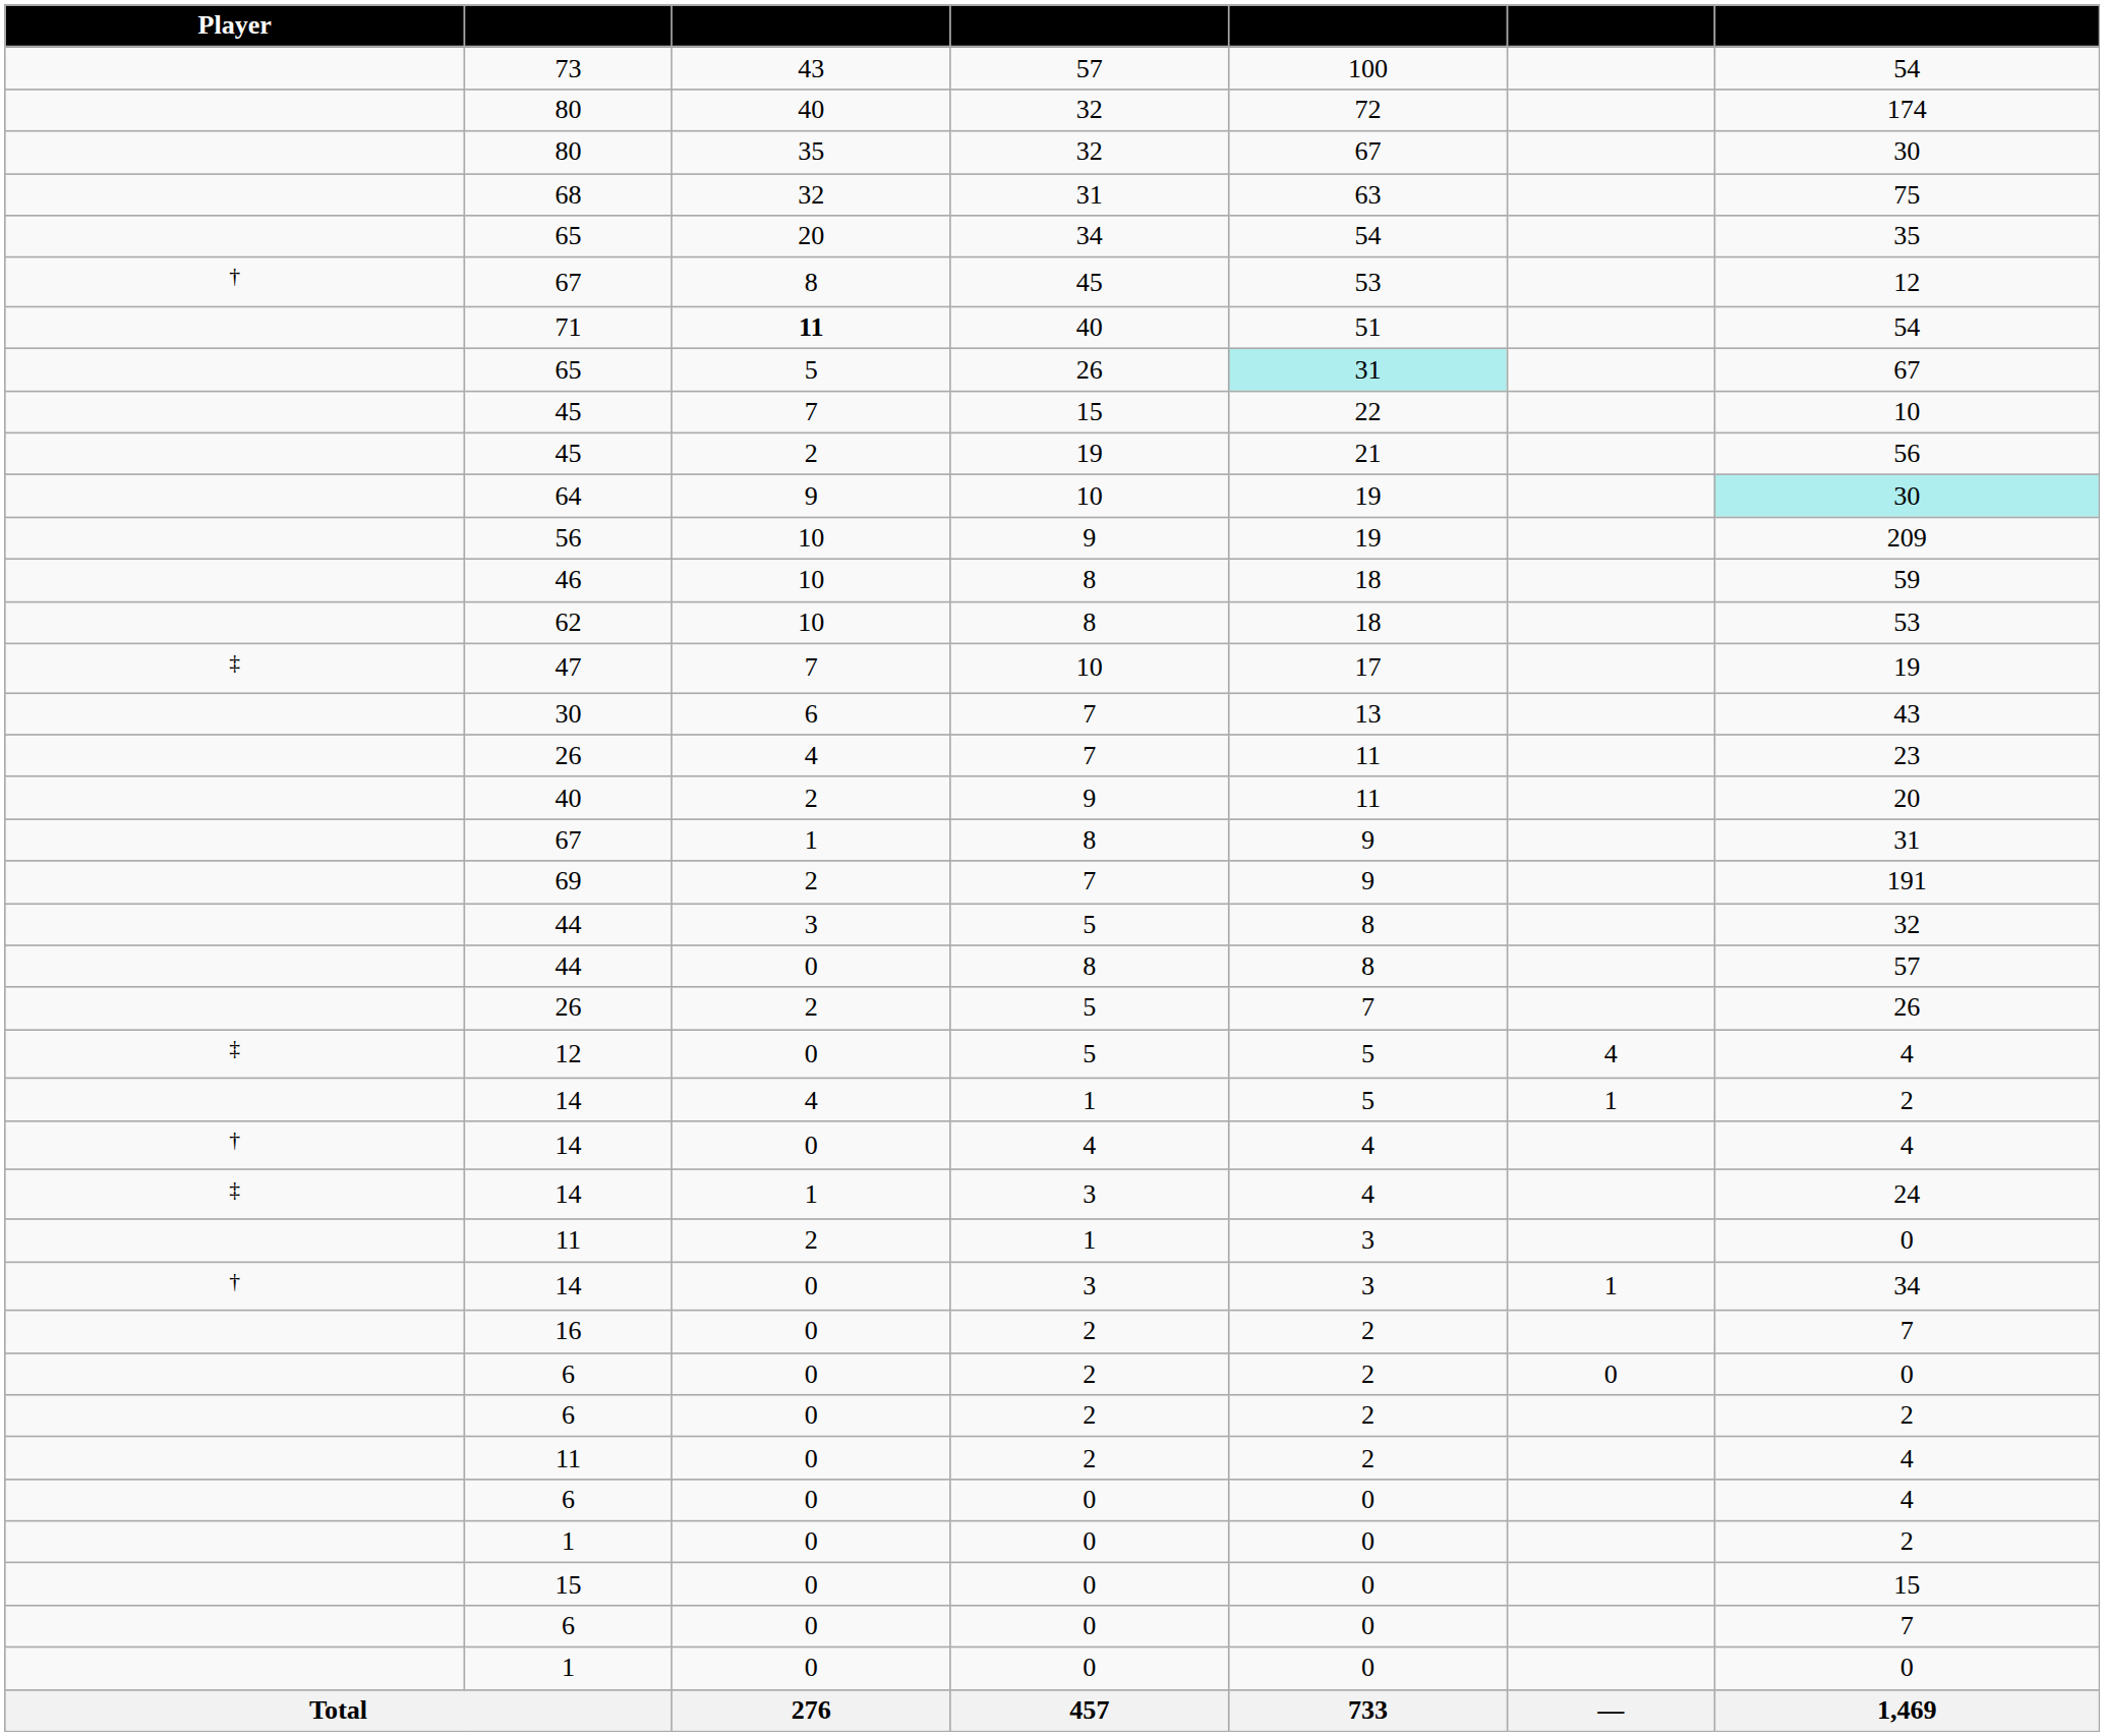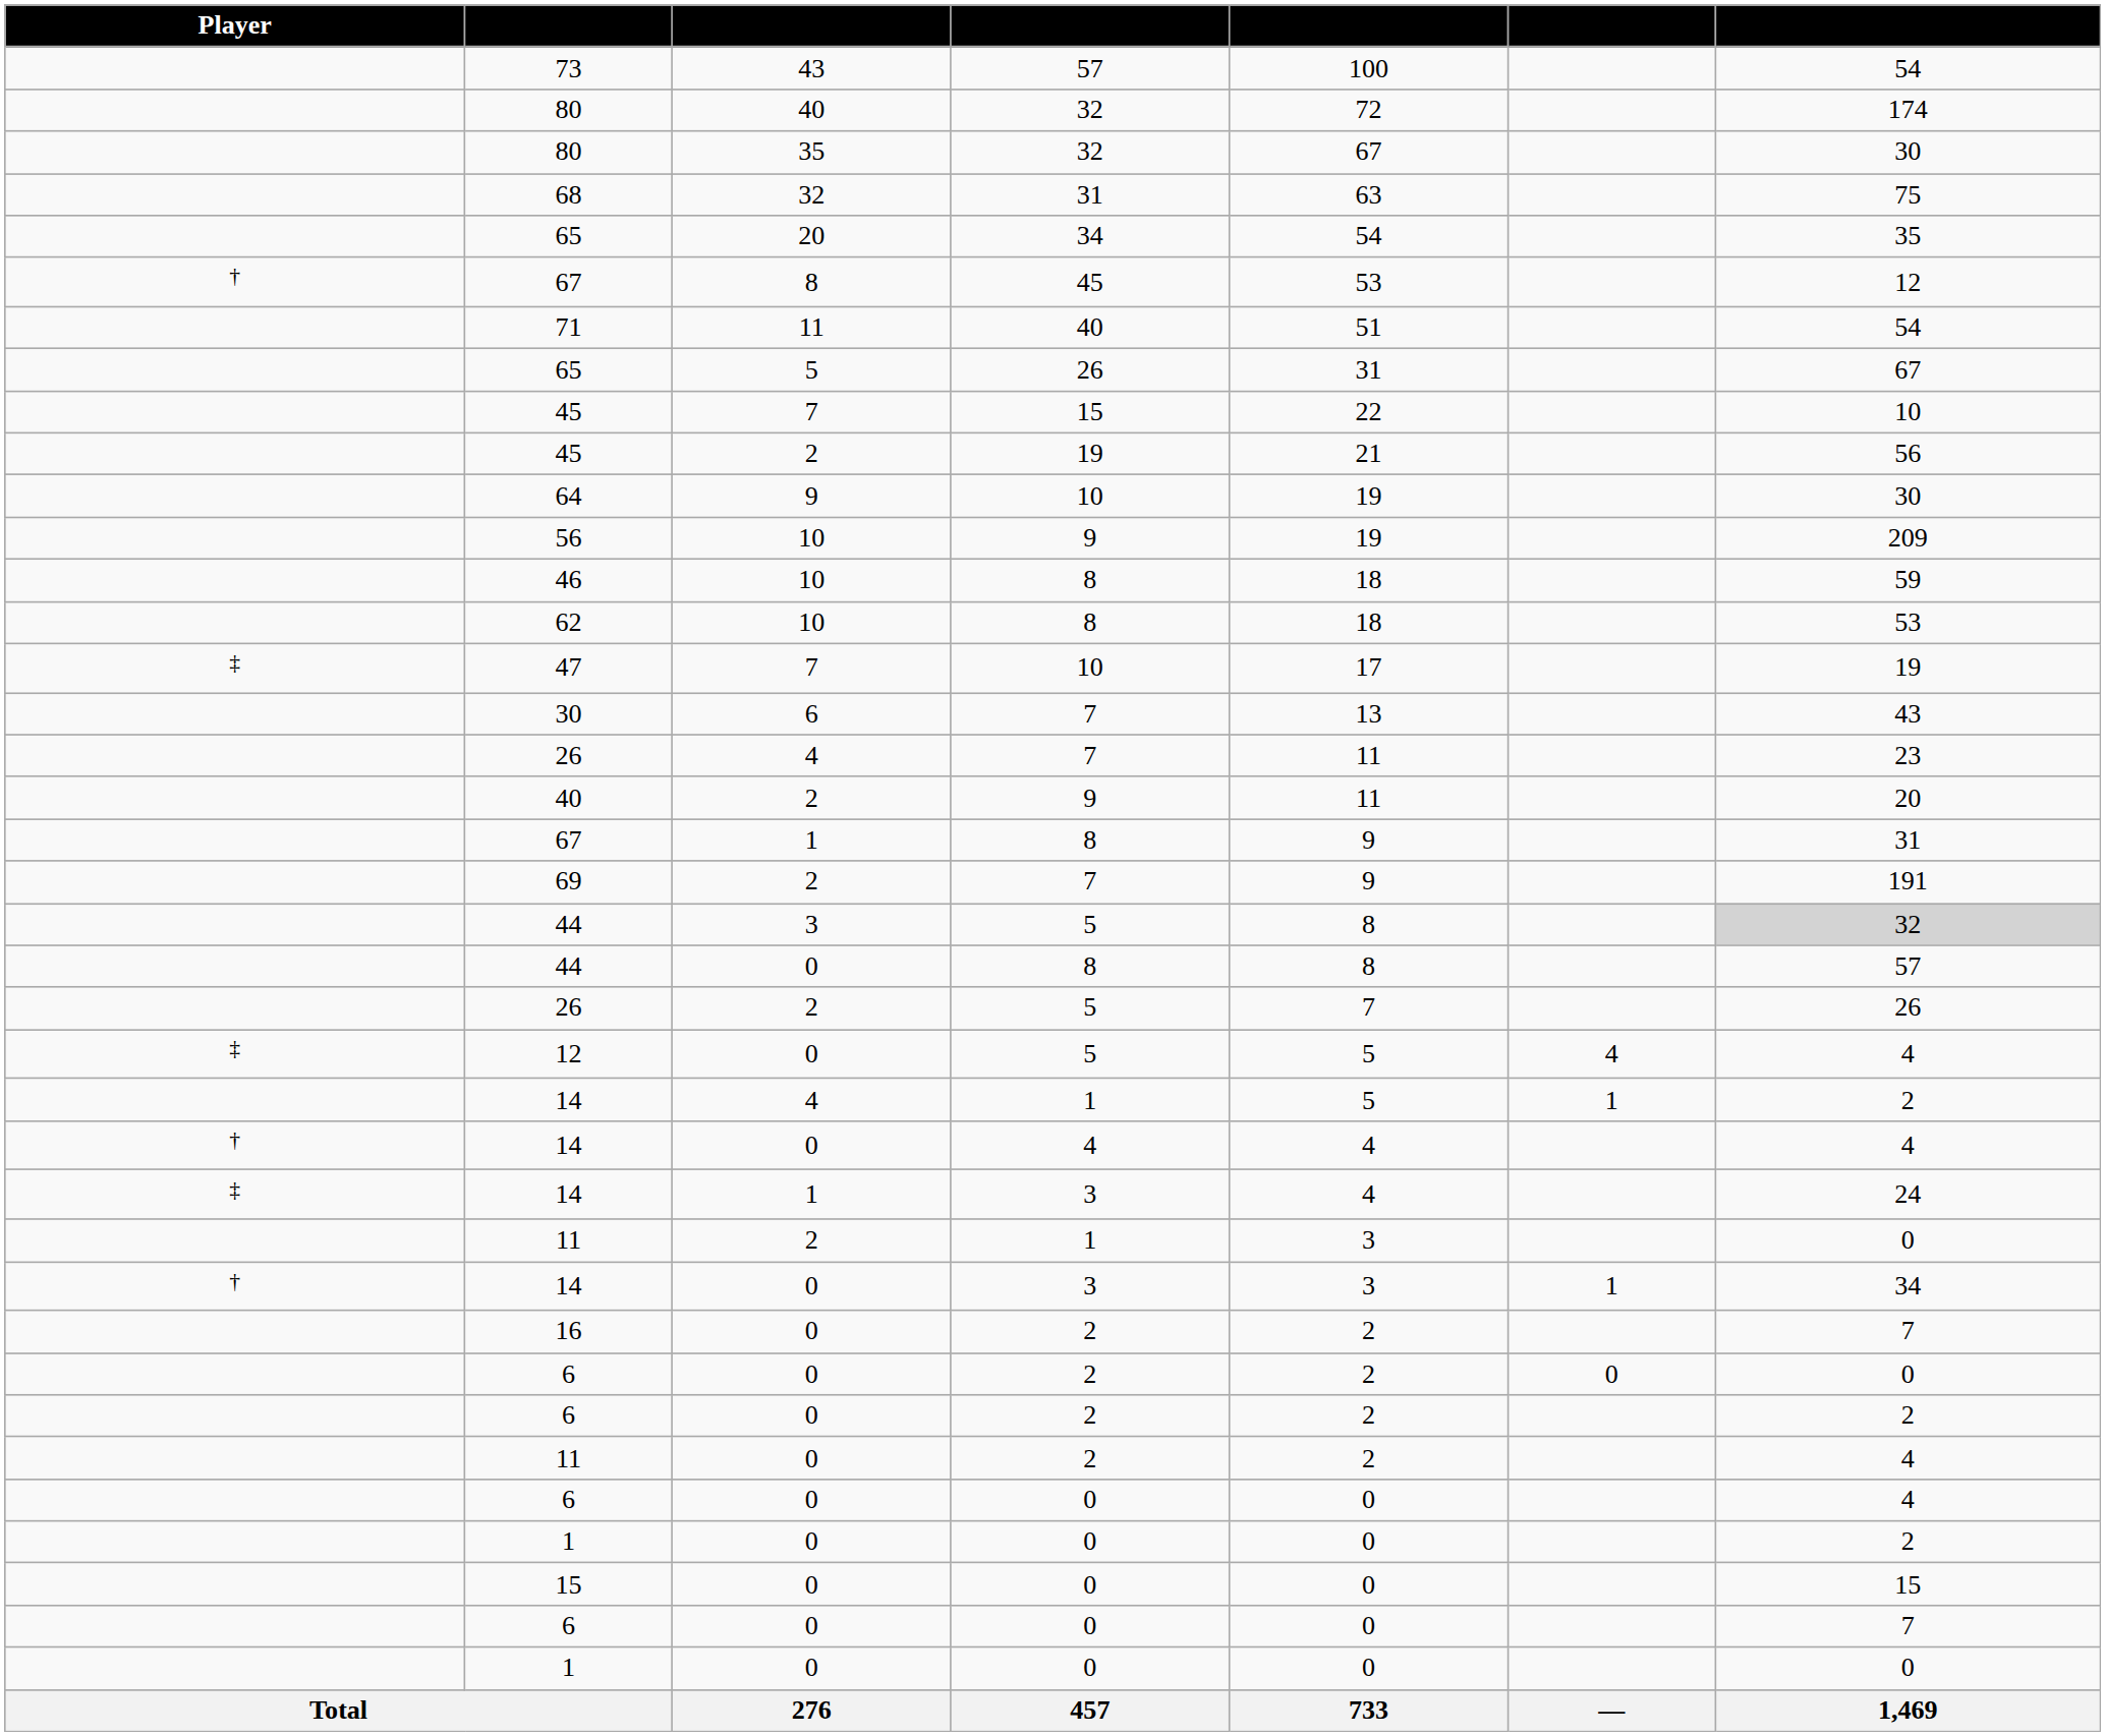 <table class="wikitable sortable" style="width:100%; text-align:center;">
 <tr align=center>
 <th style="color:white; background:#000000; ">Player</th>
 <th style="color:white; background:#000000; "></th>
 <th style="color:white; background:#000000; "></th>
 <th style="color:white; background:#000000; "></th>
 <th style="color:white; background:#000000; "></th>
 <th style="color:white; background:#000000; "></th>
 <th style="color:white; background:#000000; "></th>
 </tr>
 <tr>
 <td></td>
 <td>73</td>
 <td>43</td>
 <td>57</td>
 <td>100</td>
 <td></td>
 <td>54</td>
 </tr>
 <tr>
 <td></td>
 <td>80</td>
 <td>40</td>
 <td>32</td>
 <td>72</td>
 <td></td>
 <td>174</td>
 </tr>
 <tr>
 <td></td>
 <td>80</td>
 <td>35</td>
 <td>32</td>
 <td>67</td>
 <td></td>
 <td>30</td>
 </tr>
 <tr>
 <td></td>
 <td>68</td>
 <td>32</td>
 <td>31</td>
 <td>63</td>
 <td></td>
 <td>75</td>
 </tr>
 <tr>
 <td></td>
 <td>65</td>
 <td>20</td>
 <td>34</td>
 <td>54</td>
 <td></td>
 <td>35</td>
 </tr>
 <tr>
 <td><sup>†</sup></td>
 <td>67</td>
 <td>8</td>
 <td>45</td>
 <td>53</td>
 <td></td>
 <td>12</td>
 </tr>
 <tr>
 <td></td>
 <td>71</td>
-<td><strong>11</strong></td>
+<td>11</td>
 <td>40</td>
 <td>51</td>
 <td></td>
 <td>54</td>
 </tr>
 <tr>
 <td></td>
 <td>65</td>
 <td>5</td>
 <td>26</td>
-<td style="background: paleturquoise;">31</td>
+<td>31</td>
 <td></td>
 <td>67</td>
 </tr>
 <tr>
 <td></td>
 <td>45</td>
 <td>7</td>
 <td>15</td>
 <td>22</td>
 <td></td>
 <td>10</td>
 </tr>
 <tr>
 <td></td>
 <td>45</td>
 <td>2</td>
 <td>19</td>
 <td>21</td>
 <td></td>
 <td>56</td>
 </tr>
 <tr>
 <td></td>
 <td>64</td>
 <td>9</td>
 <td>10</td>
 <td>19</td>
 <td></td>
-<td style="background: paleturquoise;">30</td>
+<td>30</td>
 </tr>
 <tr>
 <td></td>
 <td>56</td>
 <td>10</td>
 <td>9</td>
 <td>19</td>
 <td></td>
 <td>209</td>
 </tr>
 <tr>
 <td></td>
 <td>46</td>
 <td>10</td>
 <td>8</td>
 <td>18</td>
 <td></td>
 <td>59</td>
 </tr>
 <tr>
 <td></td>
 <td>62</td>
 <td>10</td>
 <td>8</td>
 <td>18</td>
 <td></td>
 <td>53</td>
 </tr>
 <tr>
 <td><sup>‡</sup></td>
 <td>47</td>
 <td>7</td>
 <td>10</td>
 <td>17</td>
 <td></td>
 <td>19</td>
 </tr>
 <tr>
 <td></td>
 <td>30</td>
 <td>6</td>
 <td>7</td>
 <td>13</td>
 <td></td>
 <td>43</td>
 </tr>
 <tr>
 <td></td>
 <td>26</td>
 <td>4</td>
 <td>7</td>
 <td>11</td>
 <td></td>
 <td>23</td>
 </tr>
 <tr>
 <td></td>
 <td>40</td>
 <td>2</td>
 <td>9</td>
 <td>11</td>
 <td></td>
 <td>20</td>
 </tr>
 <tr>
 <td></td>
 <td>67</td>
 <td>1</td>
 <td>8</td>
 <td>9</td>
 <td></td>
 <td>31</td>
 </tr>
 <tr>
 <td></td>
 <td>69</td>
 <td>2</td>
 <td>7</td>
 <td>9</td>
 <td></td>
 <td>191</td>
 </tr>
 <tr>
 <td></td>
 <td>44</td>
 <td>3</td>
 <td>5</td>
 <td>8</td>
 <td></td>
-<td>32</td>
+<td style="background: lightgrey;">32</td>
 </tr>
 <tr>
 <td></td>
 <td>44</td>
 <td>0</td>
 <td>8</td>
 <td>8</td>
 <td></td>
 <td>57</td>
 </tr>
 <tr>
 <td></td>
 <td>26</td>
 <td>2</td>
 <td>5</td>
 <td>7</td>
 <td></td>
 <td>26</td>
 </tr>
 <tr>
 <td><sup>‡</sup></td>
 <td>12</td>
 <td>0</td>
 <td>5</td>
 <td>5</td>
 <td>4</td>
 <td>4</td>
 </tr>
 <tr>
 <td></td>
 <td>14</td>
 <td>4</td>
 <td>1</td>
 <td>5</td>
 <td>1</td>
 <td>2</td>
 </tr>
 <tr>
 <td><sup>†</sup></td>
 <td>14</td>
 <td>0</td>
 <td>4</td>
 <td>4</td>
 <td></td>
 <td>4</td>
 </tr>
 <tr>
 <td><sup>‡</sup></td>
 <td>14</td>
 <td>1</td>
 <td>3</td>
 <td>4</td>
 <td></td>
 <td>24</td>
 </tr>
 <tr>
 <td></td>
 <td>11</td>
 <td>2</td>
 <td>1</td>
 <td>3</td>
 <td></td>
 <td>0</td>
 </tr>
 <tr>
 <td><sup>†</sup></td>
 <td>14</td>
 <td>0</td>
 <td>3</td>
 <td>3</td>
 <td>1</td>
 <td>34</td>
 </tr>
 <tr>
 <td></td>
 <td>16</td>
 <td>0</td>
 <td>2</td>
 <td>2</td>
 <td></td>
 <td>7</td>
 </tr>
 <tr>
 <td></td>
 <td>6</td>
 <td>0</td>
 <td>2</td>
 <td>2</td>
 <td>0</td>
 <td>0</td>
 </tr>
 <tr>
 <td></td>
 <td>6</td>
 <td>0</td>
 <td>2</td>
 <td>2</td>
 <td></td>
 <td>2</td>
 </tr>
 <tr>
 <td></td>
 <td>11</td>
 <td>0</td>
 <td>2</td>
 <td>2</td>
 <td></td>
 <td>4</td>
 </tr>
 <tr>
 <td></td>
 <td>6</td>
 <td>0</td>
 <td>0</td>
 <td>0</td>
 <td></td>
 <td>4</td>
 </tr>
 <tr>
 <td></td>
 <td>1</td>
 <td>0</td>
 <td>0</td>
 <td>0</td>
 <td></td>
 <td>2</td>
 </tr>
 <tr>
 <td></td>
 <td>15</td>
 <td>0</td>
 <td>0</td>
 <td>0</td>
 <td></td>
 <td>15</td>
 </tr>
 <tr>
 <td></td>
 <td>6</td>
 <td>0</td>
 <td>0</td>
 <td>0</td>
 <td></td>
 <td>7</td>
 </tr>
 <tr>
 <td></td>
 <td>1</td>
 <td>0</td>
 <td>0</td>
 <td>0</td>
 <td></td>
 <td>0</td>
 </tr>
 <tr class="sortbottom">
 <th colspan=2>Total</th>
 <th>276</th>
 <th>457</th>
 <th>733</th>
 <th>—</th>
 <th>1,469</th>
 </tr>
 </table>
